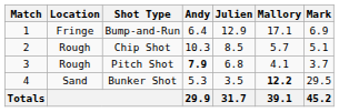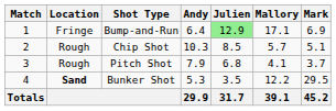 <table class="wikitable" style="text-align:center;">
 <tr>
 <th>Match</th>
 <th>Location</th>
 <th>Shot Type</th>
 <th>Andy</th>
 <th>Julien</th>
 <th>Mallory</th>
 <th>Mark</th>
 </tr>
 <tr>
 <td>1</td>
 <td>Fringe</td>
 <td>Bump-and-Run</td>
 <td>6.4</td>
-<td>12.9</td>
+<td style="background: lightgreen;">12.9</td>
 <td>17.1</td>
 <td>6.9</td>
 </tr>
 <tr>
 <td>2</td>
 <td>Rough</td>
 <td>Chip Shot</td>
 <td>10.3</td>
 <td>8.5</td>
 <td>5.7</td>
 <td>5.1</td>
 </tr>
 <tr>
 <td>3</td>
 <td>Rough</td>
 <td>Pitch Shot</td>
-<td><strong>7.9</strong></td>
+<td>7.9</td>
 <td>6.8</td>
 <td>4.1</td>
 <td>3.7</td>
 </tr>
 <tr>
 <td>4</td>
-<td>Sand</td>
+<td><strong>Sand</strong></td>
 <td>Bunker Shot</td>
 <td>5.3</td>
 <td>3.5</td>
-<td><strong>12.2</strong></td>
+<td>12.2</td>
 <td>29.5</td>
 </tr>
 <tr>
 <th>Totals</th>
 <th colspan="2"></th>
 <th>29.9</th>
 <th>31.7</th>
 <th>39.1</th>
 <th>45.2</th>
 </tr>
 </table>
